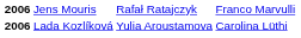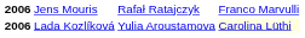 <table>
 <tr>
 <th>2006</th>
 <td> <a href='#'>Jens Mouris</a></td>
 <td> <a href='#'>Rafał Ratajczyk</a></td>
 <td> <a href='#'>Franco Marvulli</a></td>
 </tr>
 <tr>
 <th>2006</th>
 <td> <a href='#'>Lada Kozlíková</a></td>
 <td> <a href='#'>Yulia Aroustamova</a></td>
-<td> <a href='#'>Carolina Lüthi</a></td>
+<td style="background: lightyellow;"> <a href='#'>Carolina Lüthi</a></td>
 </tr>
 </table>
